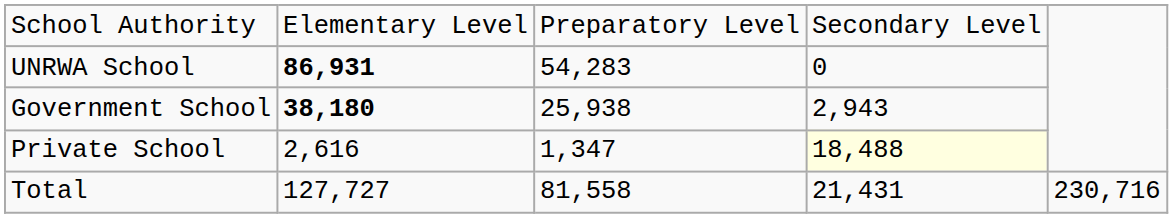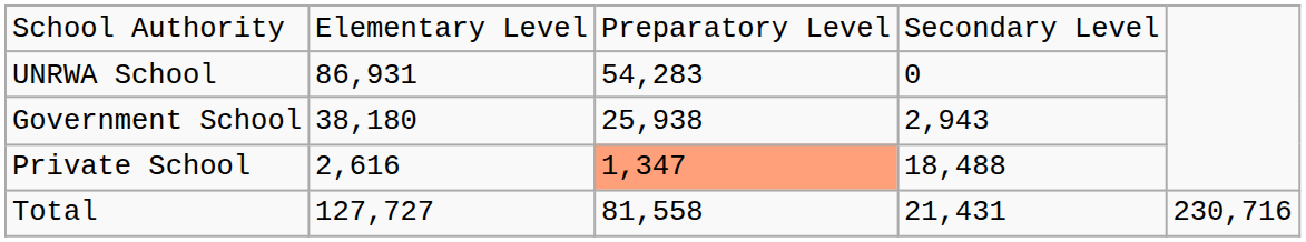 <table class="wikitable">
 <tr>
 <td>School Authority</td>
 <td>Elementary Level</td>
 <td>Preparatory Level</td>
 <td>Secondary Level</td>
 </tr>
 <tr>
 <td>UNRWA School</td>
-<td><strong>86,931</strong></td>
+<td>86,931</td>
 <td>54,283</td>
 <td>0</td>
 </tr>
 <tr>
 <td>Government School</td>
-<td><strong>38,180</strong></td>
+<td>38,180</td>
 <td>25,938</td>
 <td>2,943</td>
 </tr>
 <tr>
 <td>Private School</td>
 <td>2,616</td>
-<td>1,347</td>
-<td style="background: lightyellow;">18,488</td>
+<td style="background: lightsalmon;">1,347</td>
+<td>18,488</td>
 </tr>
 <tr>
 <td>Total</td>
 <td>127,727</td>
 <td>81,558</td>
 <td>21,431</td>
 <td>230,716</td>
 </tr>
 </table>
